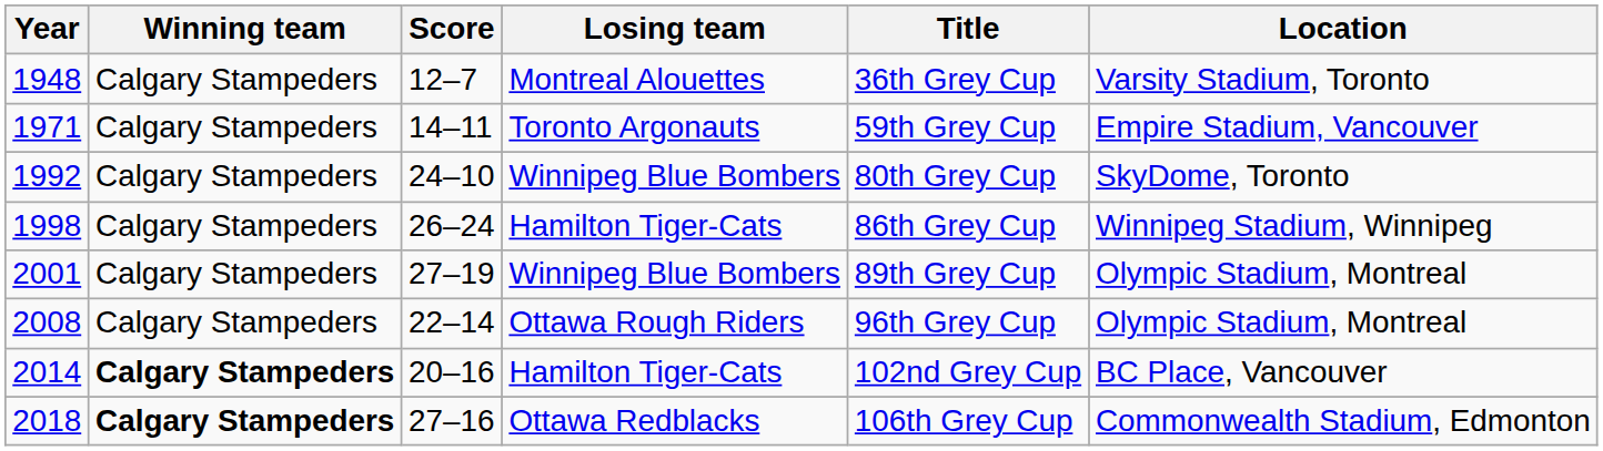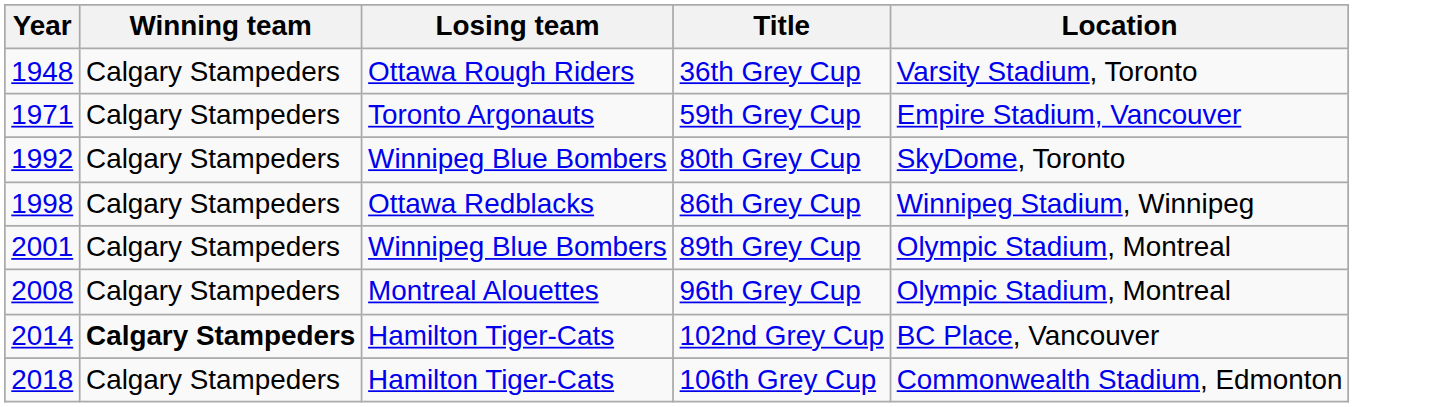 <table class="wikitable">
 <tr>
 <th>Year</th>
 <th>Winning team</th>
-<th>Score</th>
 <th>Losing team</th>
 <th>Title</th>
 <th>Location</th>
 </tr>
 <tr>
 <td><a href='#'>1948</a></td>
 <td>Calgary Stampeders</td>
-<td>12–7</td>
-<td><a href='#'>Montreal Alouettes</a></td>
+<td><a href='#'>Ottawa Rough Riders</a></td>
 <td><a href='#'>36th Grey Cup</a></td>
 <td><a href='#'>Varsity Stadium</a>, Toronto</td>
 </tr>
 <tr>
 <td><a href='#'>1971</a></td>
 <td>Calgary Stampeders</td>
-<td>14–11</td>
 <td><a href='#'>Toronto Argonauts</a></td>
 <td><a href='#'>59th Grey Cup</a></td>
 <td><a href='#'>Empire Stadium, Vancouver</a></td>
 </tr>
 <tr>
 <td><a href='#'>1992</a></td>
 <td>Calgary Stampeders</td>
-<td>24–10</td>
 <td><a href='#'>Winnipeg Blue Bombers</a></td>
 <td><a href='#'>80th Grey Cup</a></td>
 <td><a href='#'>SkyDome</a>, Toronto</td>
 </tr>
 <tr>
 <td><a href='#'>1998</a></td>
 <td>Calgary Stampeders</td>
-<td>26–24</td>
-<td><a href='#'>Hamilton Tiger-Cats</a></td>
+<td><a href='#'>Ottawa Redblacks</a></td>
 <td><a href='#'>86th Grey Cup</a></td>
 <td><a href='#'>Winnipeg Stadium</a>, Winnipeg</td>
 </tr>
 <tr>
 <td><a href='#'>2001</a></td>
 <td>Calgary Stampeders</td>
-<td>27–19</td>
 <td><a href='#'>Winnipeg Blue Bombers</a></td>
 <td><a href='#'>89th Grey Cup</a></td>
 <td><a href='#'>Olympic Stadium</a>, Montreal</td>
 </tr>
 <tr>
 <td><a href='#'>2008</a></td>
 <td>Calgary Stampeders</td>
-<td>22–14</td>
-<td><a href='#'>Ottawa Rough Riders</a></td>
+<td><a href='#'>Montreal Alouettes</a></td>
 <td><a href='#'>96th Grey Cup</a></td>
 <td><a href='#'>Olympic Stadium</a>, Montreal</td>
 </tr>
 <tr>
 <td><a href='#'>2014</a></td>
 <td><strong>Calgary Stampeders</strong></td>
-<td>20–16</td>
 <td><a href='#'>Hamilton Tiger-Cats</a></td>
 <td><a href='#'>102nd Grey Cup</a></td>
 <td><a href='#'>BC Place</a>, Vancouver</td>
 </tr>
 <tr>
 <td><a href='#'>2018</a></td>
-<td><strong>Calgary Stampeders</strong></td>
-<td>27–16</td>
-<td><a href='#'>Ottawa Redblacks</a></td>
+<td>Calgary Stampeders</td>
+<td><a href='#'>Hamilton Tiger-Cats</a></td>
 <td><a href='#'>106th Grey Cup</a></td>
 <td><a href='#'>Commonwealth Stadium</a>, Edmonton</td>
 </tr>
 </table>
